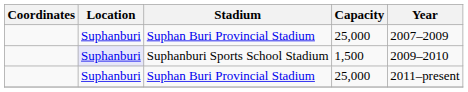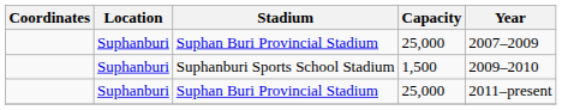 <table class="wikitable sortable">
 <tr>
 <th>Coordinates</th>
 <th>Location</th>
 <th>Stadium</th>
 <th>Capacity</th>
 <th>Year</th>
 </tr>
 <tr>
 <td></td>
 <td><a href='#'>Suphanburi</a></td>
 <td><a href='#'>Suphan Buri Provincial Stadium</a></td>
 <td>25,000</td>
 <td>2007–2009</td>
 </tr>
 <tr>
 <td></td>
-<td style="background: lavender;"><a href='#'>Suphanburi</a></td>
+<td><a href='#'>Suphanburi</a></td>
 <td>Suphanburi Sports School Stadium</td>
 <td>1,500</td>
 <td>2009–2010</td>
 </tr>
 <tr>
 <td></td>
 <td><a href='#'>Suphanburi</a></td>
 <td><a href='#'>Suphan Buri Provincial Stadium</a></td>
 <td>25,000</td>
 <td>2011–present</td>
 </tr>
 <tr>
 </tr>
 </table>
